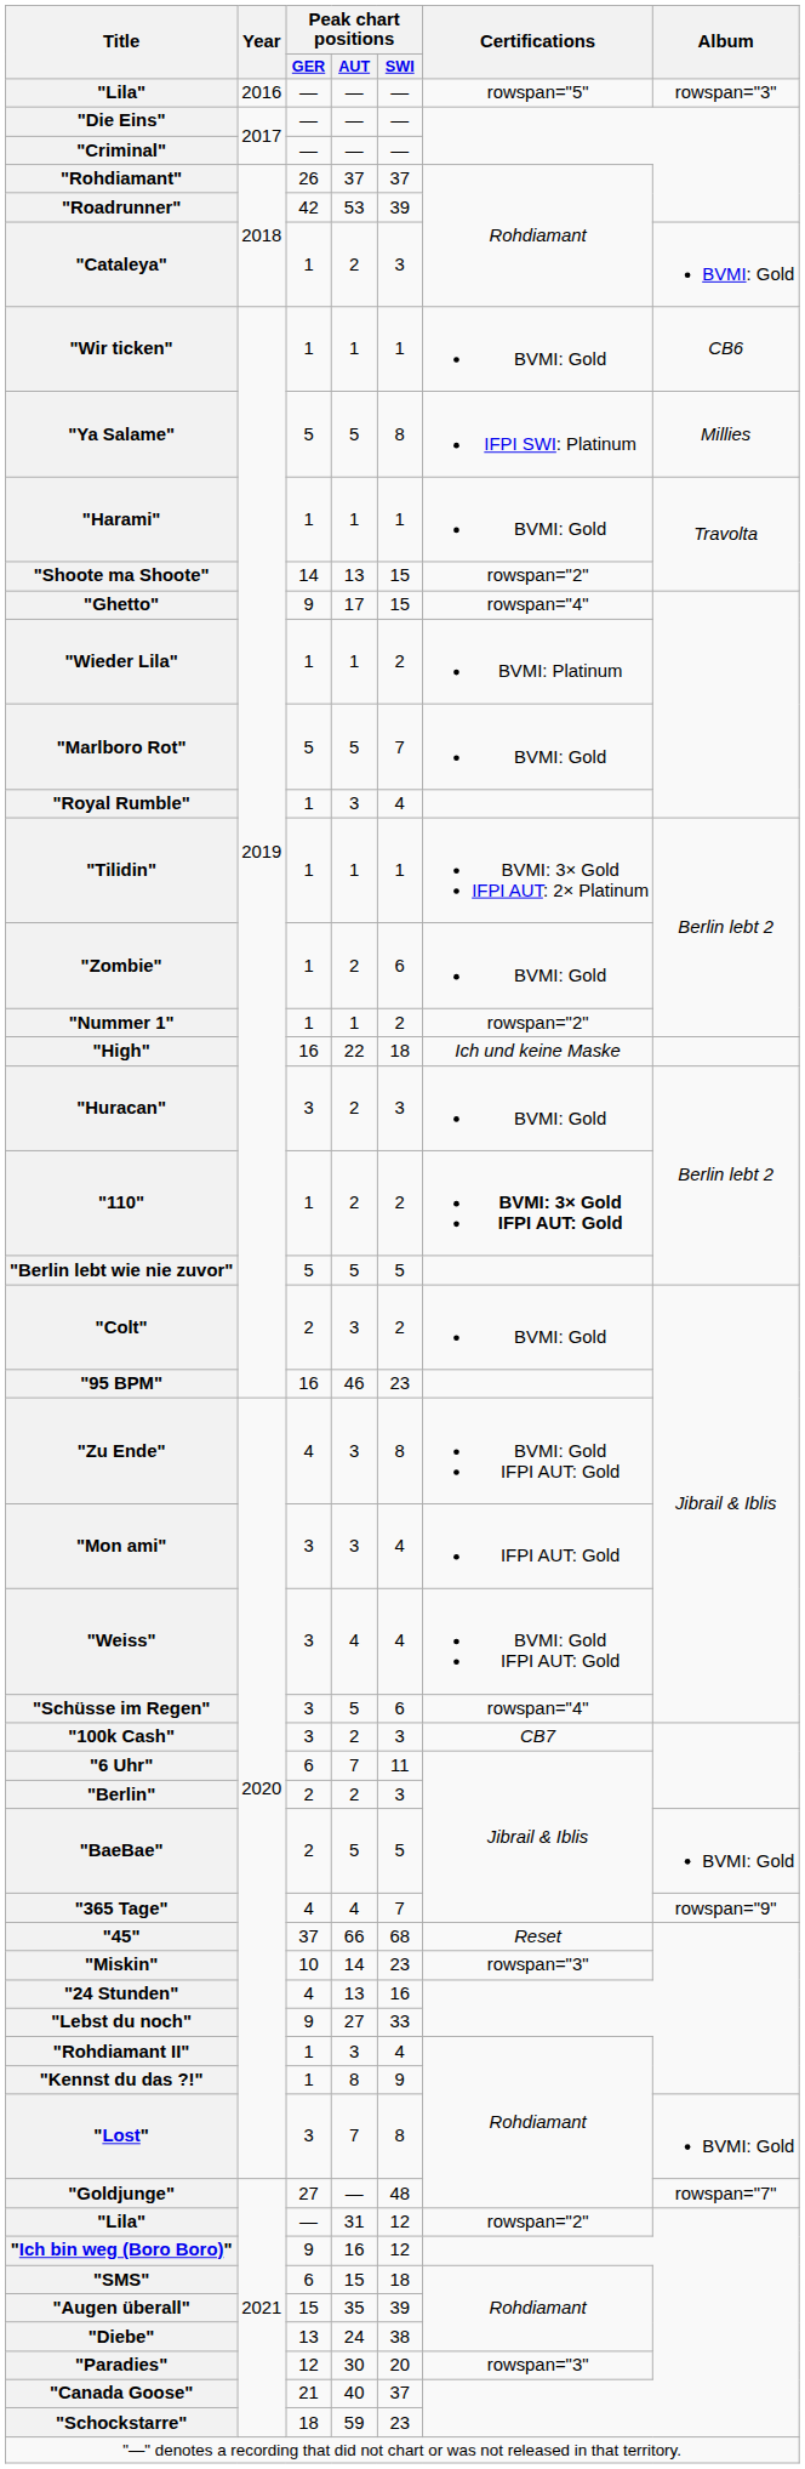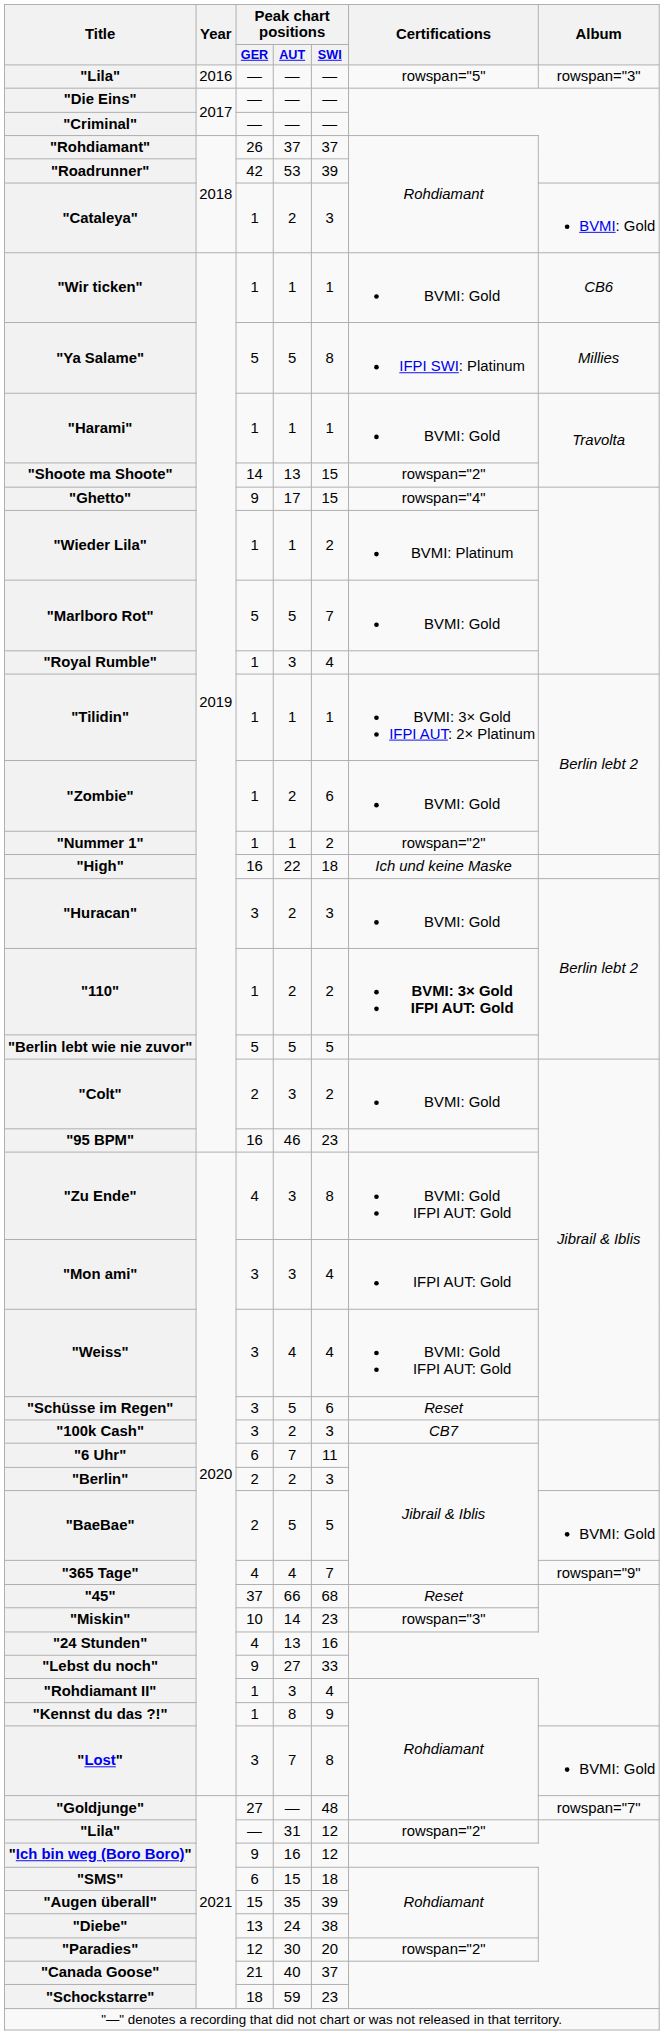 <table class="wikitable plainrowheaders" style="text-align:center;">
 <tr>
 <th scope="col" rowspan="2">Title</th>
 <th scope="col" rowspan="2">Year</th>
 <th scope="col" colspan="3">Peak chart positions</th>
 <th rowspan="2">Certifications</th>
 <th rowspan="2">Album<br> </th>
 </tr>
 <tr>
 <th style="width:2.5em; font-size:85%"><a href='#'>GER</a><br></th>
 <th style="width:2.5em; font-size:85%"><a href='#'>AUT</a><br></th>
 <th style="width:2.5em; font-size:85%"><a href='#'>SWI</a><br></th>
 </tr>
 <tr>
 <th scope="row">"Lila"</th>
 <td>2016</td>
 <td>—</td>
 <td>—</td>
 <td>—</td>
 <td>rowspan="5" </td>
 <td>rowspan="3" </td>
 </tr>
 <tr>
 <th scope="row">"Die Eins"<br></th>
 <td rowspan="2">2017</td>
 <td>—</td>
 <td>—</td>
 <td>—</td>
 </tr>
 <tr>
 <th scope="row">"Criminal"</th>
 <td>—</td>
 <td>—</td>
 <td>—</td>
 </tr>
 <tr>
 <th scope="row">"Rohdiamant"</th>
 <td rowspan="3">2018</td>
 <td>26</td>
 <td>37</td>
 <td>37</td>
 <td rowspan="3"><em>Rohdiamant</em></td>
 </tr>
 <tr>
 <th scope="row">"Roadrunner"</th>
 <td>42</td>
 <td>53</td>
 <td>39</td>
 </tr>
 <tr>
 <th scope="row">"Cataleya"</th>
 <td>1</td>
 <td>2</td>
 <td>3</td>
 <td><br><ul><li><a href='#'>BVMI</a>: Gold</li></ul></td>
 </tr>
 <tr>
 <th scope="row">"Wir ticken"<br></th>
 <td rowspan="17">2019</td>
 <td>1</td>
 <td>1</td>
 <td>1</td>
 <td><br><ul><li>BVMI: Gold</li></ul></td>
 <td><em>CB6</em></td>
 </tr>
 <tr>
 <th scope="row">"Ya Salame"<br></th>
 <td>5</td>
 <td>5</td>
 <td>8</td>
 <td><br><ul><li><a href='#'>IFPI SWI</a>: Platinum</li></ul></td>
 <td><em>Millies</em></td>
 </tr>
 <tr>
 <th scope="row">"Harami"</th>
 <td>1</td>
 <td>1</td>
 <td>1</td>
 <td><br><ul><li>BVMI: Gold</li></ul></td>
 <td rowspan="2"><em>Travolta</em></td>
 </tr>
 <tr>
 <th scope="row">"Shoote ma Shoote"</th>
 <td>14</td>
 <td>13</td>
 <td>15</td>
 <td>rowspan="2" </td>
 </tr>
 <tr>
 <th scope="row">"Ghetto"<br></th>
 <td>9</td>
 <td>17</td>
 <td>15</td>
 <td>rowspan="4" </td>
 </tr>
 <tr>
 <th scope="row">"Wieder Lila"<br></th>
 <td>1</td>
 <td>1</td>
 <td>2</td>
 <td><br><ul><li>BVMI: Platinum</li></ul></td>
 </tr>
 <tr>
 <th scope="row">"Marlboro Rot"</th>
 <td>5</td>
 <td>5</td>
 <td>7</td>
 <td><br><ul><li>BVMI: Gold</li></ul></td>
 </tr>
 <tr>
 <th scope="row">"Royal Rumble"<br></th>
 <td>1</td>
 <td>3</td>
 <td>4</td>
 <td></td>
 </tr>
 <tr>
 <th scope="row">"Tilidin"<br></th>
 <td>1</td>
 <td>1</td>
 <td>1</td>
 <td><br><ul><li>BVMI: 3× Gold</li><li><a href='#'>IFPI AUT</a>: 2× Platinum</li></ul></td>
 <td rowspan="3"><em>Berlin lebt 2</em></td>
 </tr>
 <tr>
 <th scope="row">"Zombie"<br></th>
 <td>1</td>
 <td>2</td>
 <td>6</td>
 <td><br><ul><li>BVMI: Gold</li></ul></td>
 </tr>
 <tr>
 <th scope="row">"Nummer 1"<br></th>
 <td>1</td>
 <td>1</td>
 <td>2</td>
 <td>rowspan="2" </td>
 </tr>
 <tr>
 <th scope="row">"High"<br></th>
 <td>16</td>
 <td>22</td>
 <td>18</td>
 <td><em>Ich und keine Maske</em></td>
 </tr>
 <tr>
 <th scope="row">"Huracan"<br></th>
 <td>3</td>
 <td>2</td>
 <td>3</td>
 <td><br><ul><li>BVMI: Gold</li></ul></td>
 <td rowspan="3"><em>Berlin lebt 2</em></td>
 </tr>
 <tr>
 <th scope="row">"110"<br></th>
 <td>1</td>
 <td>2</td>
 <td>2</td>
 <td><strong><br><ul><li>BVMI: 3× Gold</li><li>IFPI AUT: Gold</li></ul></strong></td>
 </tr>
 <tr>
 <th scope="row">"Berlin lebt wie nie zuvor"<br></th>
 <td>5</td>
 <td>5</td>
 <td>5</td>
 <td></td>
 </tr>
 <tr>
 <th scope="row">"Colt"</th>
 <td>2</td>
 <td>3</td>
 <td>2</td>
 <td><br><ul><li>BVMI: Gold</li></ul></td>
 <td rowspan="6"><em>Jibrail & Iblis</em></td>
 </tr>
 <tr>
 <th scope="row">"95 BPM"</th>
 <td>16</td>
 <td>46</td>
 <td>23</td>
 <td></td>
 </tr>
 <tr>
 <th scope="row">"Zu Ende"<br></th>
 <td rowspan="16">2020</td>
 <td>4</td>
 <td>3</td>
 <td>8</td>
 <td><br><ul><li>BVMI: Gold</li><li>IFPI AUT: Gold</li></ul></td>
 </tr>
 <tr>
 <th scope="row">"Mon ami"</th>
 <td>3</td>
 <td>3</td>
 <td>4</td>
 <td><br><ul><li>IFPI AUT: Gold</li></ul></td>
 </tr>
 <tr>
 <th scope="row">"Weiss"</th>
 <td>3</td>
 <td>4</td>
 <td>4</td>
 <td><br><ul><li>BVMI: Gold</li><li>IFPI AUT: Gold</li></ul></td>
 </tr>
 <tr>
 <th scope="row">"Schüsse im Regen"</th>
 <td>3</td>
 <td>5</td>
 <td>6</td>
-<td>rowspan="4" </td>
+<td><em>Reset</em></td>
 </tr>
 <tr>
 <th scope="row">"100k Cash"<br></th>
 <td>3</td>
 <td>2</td>
 <td>3</td>
 <td><em>CB7</em></td>
 </tr>
 <tr>
 <th scope="row">"6 Uhr"</th>
 <td>6</td>
 <td>7</td>
 <td>11</td>
 <td rowspan="4"><em>Jibrail & Iblis</em></td>
 </tr>
 <tr>
 <th scope="row">"Berlin"<br></th>
 <td>2</td>
 <td>2</td>
 <td>3</td>
 </tr>
 <tr>
 <th scope="row">"BaeBae"</th>
 <td>2</td>
 <td>5</td>
 <td>5</td>
 <td><br><ul><li>BVMI: Gold</li></ul></td>
 </tr>
 <tr>
 <th scope="row">"365 Tage"<br></th>
 <td>4</td>
 <td>4</td>
 <td>7</td>
 <td>rowspan="9" </td>
 </tr>
 <tr>
 <th scope="row">"45"<br></th>
 <td>37</td>
 <td>66</td>
 <td>68</td>
 <td><em>Reset</em></td>
 </tr>
 <tr>
 <th scope="row">"Miskin"</th>
 <td>10</td>
 <td>14</td>
 <td>23</td>
 <td>rowspan="3" </td>
 </tr>
 <tr>
 <th scope="row">"24 Stunden"</th>
 <td>4</td>
 <td>13</td>
 <td>16</td>
 </tr>
 <tr>
 <th scope="row">"Lebst du noch"</th>
 <td>9</td>
 <td>27</td>
 <td>33</td>
 </tr>
 <tr>
 <th scope="row">"Rohdiamant II"</th>
 <td>1</td>
 <td>3</td>
 <td>4</td>
 <td rowspan="4"><em>Rohdiamant</em></td>
 </tr>
 <tr>
 <th scope="row">"Kennst du das ?!"</th>
 <td>1</td>
 <td>8</td>
 <td>9</td>
 </tr>
 <tr>
 <th scope="row">"<a href='#'>Lost</a>"<br></th>
 <td>3</td>
 <td>7</td>
 <td>8</td>
 <td><br><ul><li>BVMI: Gold</li></ul></td>
 </tr>
 <tr>
 <th scope="row">"Goldjunge"</th>
 <td rowspan="9">2021</td>
 <td>27</td>
 <td>—</td>
 <td>48</td>
 <td>rowspan="7" </td>
 </tr>
 <tr>
 <th scope="row">"Lila"<br></th>
 <td>—</td>
 <td>31</td>
 <td>12</td>
 <td>rowspan="2" </td>
 </tr>
 <tr>
 <th scope="row">"<a href='#'>Ich bin weg (Boro Boro)</a>"<br></th>
 <td>9</td>
 <td>16</td>
 <td>12</td>
 </tr>
 <tr>
 <th scope="row">"SMS"</th>
 <td>6</td>
 <td>15</td>
 <td>18</td>
 <td rowspan="3"><em>Rohdiamant</em></td>
 </tr>
 <tr>
 <th scope="row">"Augen überall"<br></th>
 <td>15</td>
 <td>35</td>
 <td>39</td>
 </tr>
 <tr>
 <th scope="row">"Diebe"</th>
 <td>13</td>
 <td>24</td>
 <td>38</td>
 </tr>
 <tr>
 <th scope="row">"Paradies"<br></th>
 <td>12</td>
 <td>30</td>
 <td>20</td>
-<td>rowspan="3" </td>
+<td>rowspan="2" </td>
 </tr>
 <tr>
 <th scope="row">"Canada Goose"</th>
 <td>21</td>
 <td>40</td>
 <td>37</td>
 </tr>
 <tr>
 <th scope="row">"Schockstarre"</th>
 <td>18</td>
 <td>59</td>
 <td>23</td>
 </tr>
 <tr>
 <td colspan="11" style="font-size:90%">"—" denotes a recording that did not chart or was not released in that territory.</td>
 </tr>
 </table>
